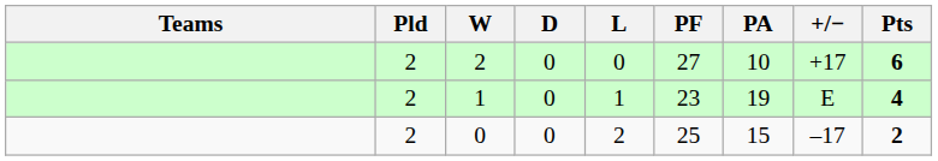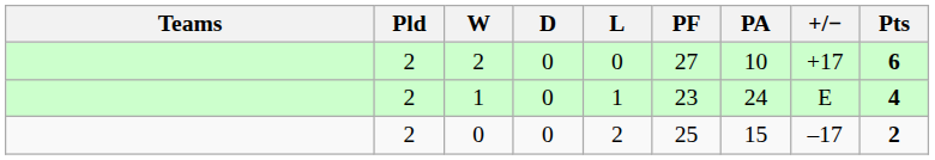 <table class="wikitable" style="text-align: center;">
 <tr>
 <th width="245">Teams</th>
 <th width="40">Pld</th>
 <th width="40">W</th>
 <th width="40">D</th>
 <th width="40">L</th>
 <th width="40">PF</th>
 <th width="40">PA</th>
 <th width="40">+/−</th>
 <th width="40">Pts</th>
 </tr>
 <tr bgcolor=ccffcc>
 <td align=left></td>
 <td>2</td>
 <td>2</td>
 <td>0</td>
 <td>0</td>
 <td>27</td>
 <td>10</td>
 <td>+17</td>
 <td><strong>6</strong></td>
 </tr>
 <tr bgcolor=ccffcc>
 <td align=left></td>
 <td>2</td>
 <td>1</td>
 <td>0</td>
 <td>1</td>
 <td>23</td>
-<td>19</td>
+<td>24</td>
 <td>E</td>
 <td><strong>4</strong></td>
 </tr>
 <tr>
 <td align=left></td>
 <td>2</td>
 <td>0</td>
 <td>0</td>
 <td>2</td>
 <td>25</td>
 <td>15</td>
 <td>–17</td>
 <td><strong>2</strong></td>
 </tr>
 </table>
